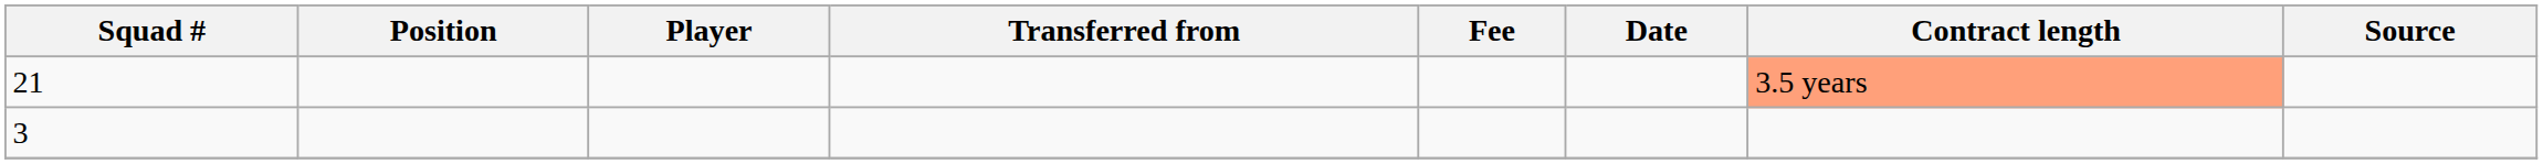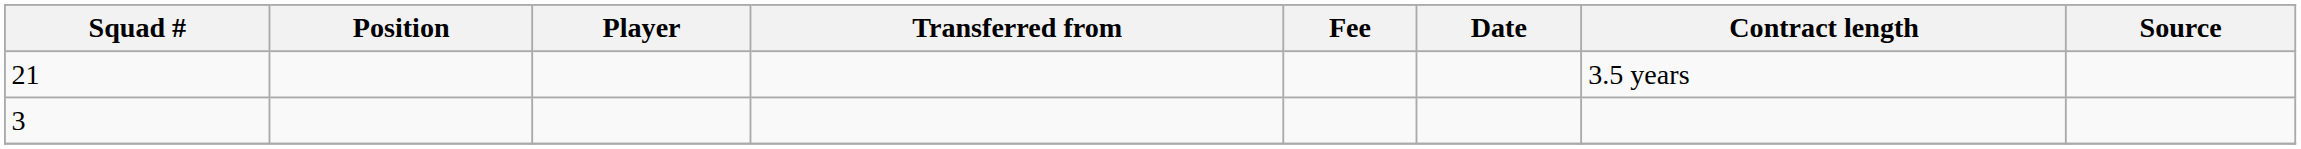 <table width=98% class="wikitable sortable" style="text-align:center; font-size:95%; text-align:left">
 <tr>
 <th>Squad #</th>
 <th>Position</th>
 <th>Player</th>
 <th>Transferred from</th>
 <th>Fee</th>
 <th>Date</th>
 <th>Contract length</th>
 <th>Source</th>
 </tr>
 <tr>
 <td>21</td>
 <td></td>
 <td></td>
 <td></td>
 <td></td>
 <td></td>
-<td style="background: lightsalmon;">3.5 years</td>
+<td>3.5 years</td>
 <td></td>
 </tr>
 <tr>
 <td>3</td>
 <td></td>
 <td></td>
 <td></td>
 <td></td>
 <td></td>
 <td></td>
 <td></td>
 </tr>
 <tr>
 </tr>
 </table>
